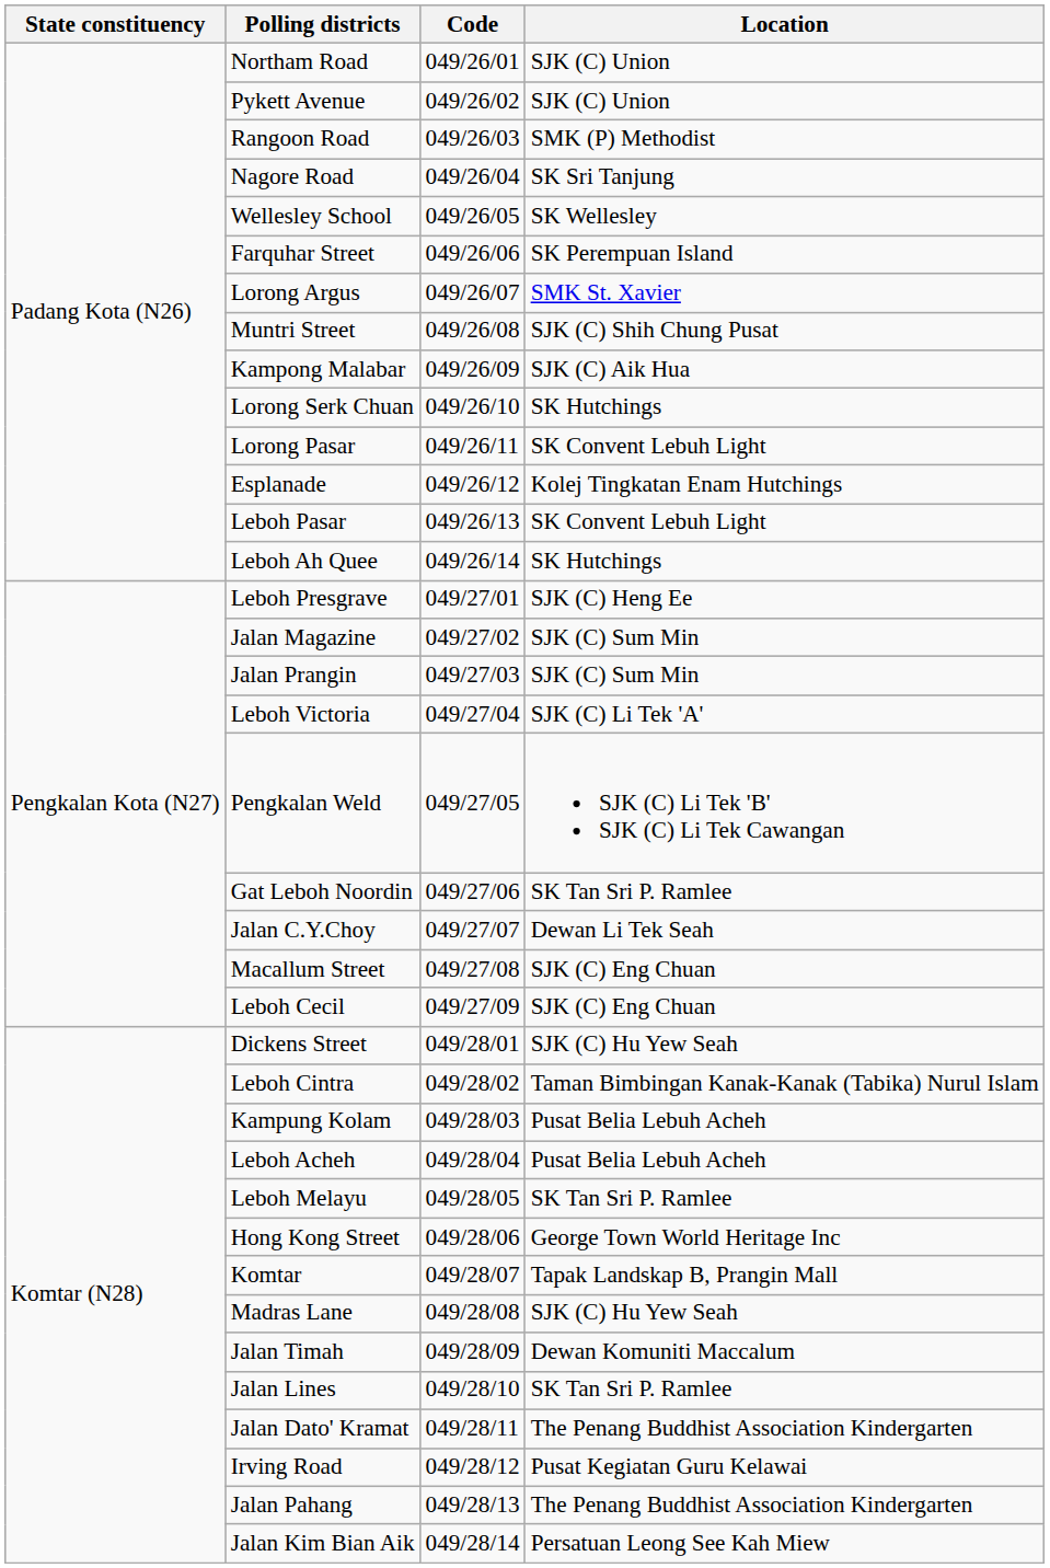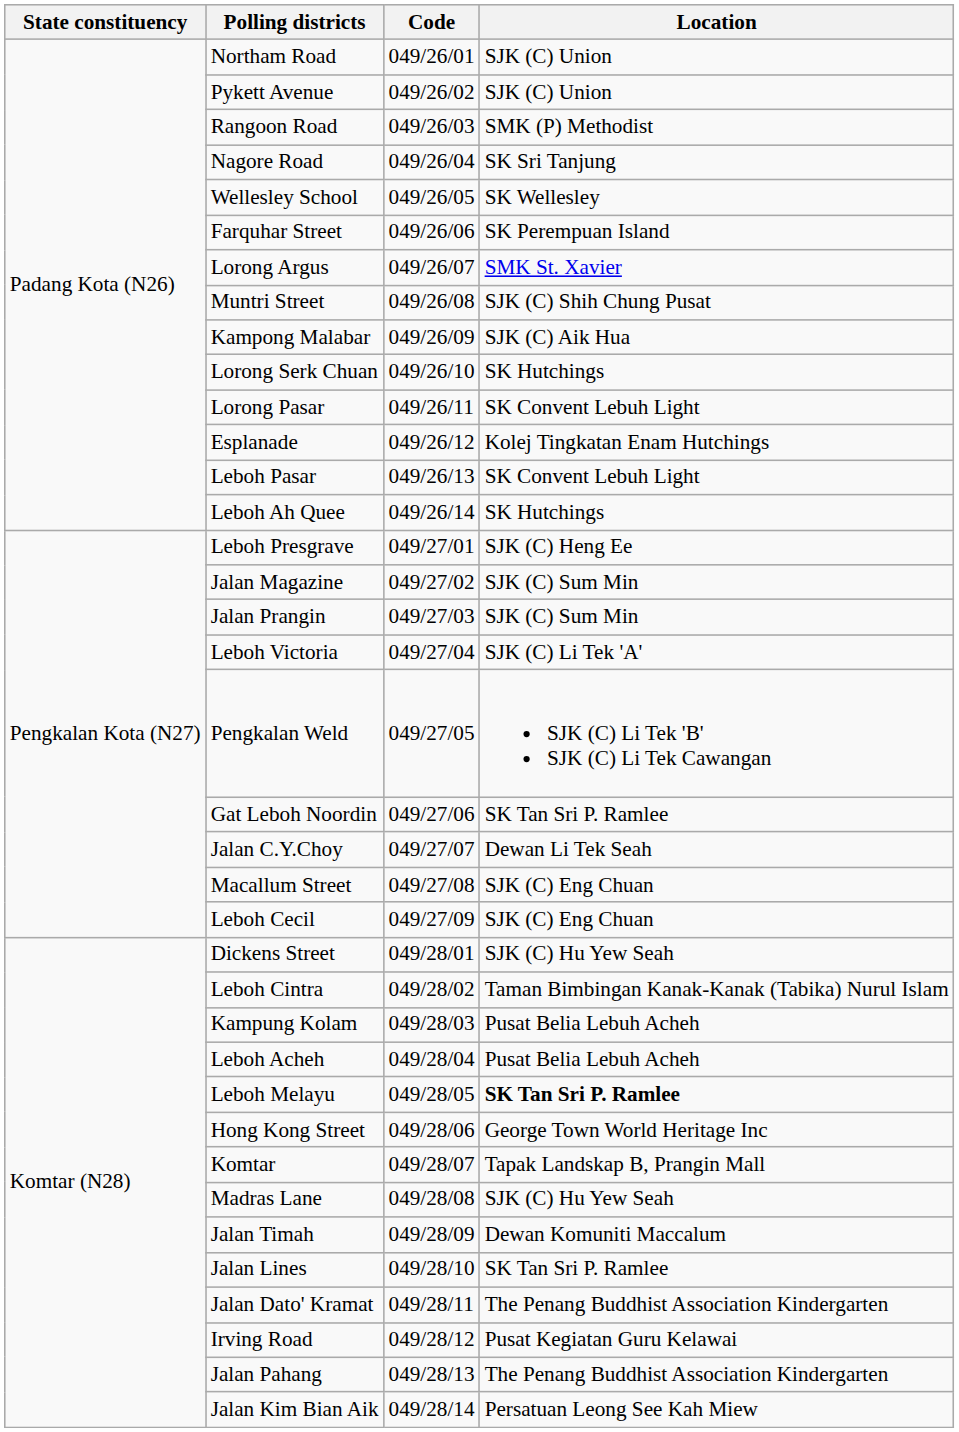 <table class="wikitable sortable mw-collapsible" style="white-space:nowrap;font-size:85%">
 <tr>
 <th>State constituency</th>
 <th>Polling districts</th>
 <th>Code</th>
 <th>Location</th>
 </tr>
 <tr>
 <td rowspan="14">Padang Kota (N26)</td>
 <td>Northam Road</td>
 <td>049/26/01</td>
 <td>SJK (C) Union</td>
 </tr>
 <tr>
 <td>Pykett Avenue</td>
 <td>049/26/02</td>
 <td>SJK (C) Union</td>
 </tr>
 <tr>
 <td>Rangoon Road</td>
 <td>049/26/03</td>
 <td>SMK (P) Methodist</td>
 </tr>
 <tr>
 <td>Nagore Road</td>
 <td>049/26/04</td>
 <td>SK Sri Tanjung</td>
 </tr>
 <tr>
 <td>Wellesley School</td>
 <td>049/26/05</td>
 <td>SK Wellesley</td>
 </tr>
 <tr>
 <td>Farquhar Street</td>
 <td>049/26/06</td>
 <td>SK Perempuan Island</td>
 </tr>
 <tr>
 <td>Lorong Argus</td>
 <td>049/26/07</td>
 <td><a href='#'>SMK St. Xavier</a></td>
 </tr>
 <tr>
 <td>Muntri Street</td>
 <td>049/26/08</td>
 <td>SJK (C) Shih Chung Pusat</td>
 </tr>
 <tr>
 <td>Kampong Malabar</td>
 <td>049/26/09</td>
 <td>SJK (C) Aik Hua</td>
 </tr>
 <tr>
 <td>Lorong Serk Chuan</td>
 <td>049/26/10</td>
 <td>SK Hutchings</td>
 </tr>
 <tr>
 <td>Lorong Pasar</td>
 <td>049/26/11</td>
 <td>SK Convent Lebuh Light</td>
 </tr>
 <tr>
 <td>Esplanade</td>
 <td>049/26/12</td>
 <td>Kolej Tingkatan Enam Hutchings</td>
 </tr>
 <tr>
 <td>Leboh Pasar</td>
 <td>049/26/13</td>
 <td>SK Convent Lebuh Light</td>
 </tr>
 <tr>
 <td>Leboh Ah Quee</td>
 <td>049/26/14</td>
 <td>SK Hutchings</td>
 </tr>
 <tr>
 <td rowspan="9">Pengkalan Kota (N27)</td>
 <td>Leboh Presgrave</td>
 <td>049/27/01</td>
 <td>SJK (C) Heng Ee</td>
 </tr>
 <tr>
 <td>Jalan Magazine</td>
 <td>049/27/02</td>
 <td>SJK (C) Sum Min</td>
 </tr>
 <tr>
 <td>Jalan Prangin</td>
 <td>049/27/03</td>
 <td>SJK (C) Sum Min</td>
 </tr>
 <tr>
 <td>Leboh Victoria</td>
 <td>049/27/04</td>
 <td>SJK (C) Li Tek 'A'</td>
 </tr>
 <tr>
 <td>Pengkalan Weld</td>
 <td>049/27/05</td>
 <td><br><ul><li>SJK (C) Li Tek 'B'</li><li>SJK (C) Li Tek Cawangan</li></ul></td>
 </tr>
 <tr>
 <td>Gat Leboh Noordin</td>
 <td>049/27/06</td>
 <td>SK Tan Sri P. Ramlee</td>
 </tr>
 <tr>
 <td>Jalan C.Y.Choy</td>
 <td>049/27/07</td>
 <td>Dewan Li Tek Seah</td>
 </tr>
 <tr>
 <td>Macallum Street</td>
 <td>049/27/08</td>
 <td>SJK (C) Eng Chuan</td>
 </tr>
 <tr>
 <td>Leboh Cecil</td>
 <td>049/27/09</td>
 <td>SJK (C) Eng Chuan</td>
 </tr>
 <tr>
 <td rowspan="14">Komtar (N28)</td>
 <td>Dickens Street</td>
 <td>049/28/01</td>
 <td>SJK (C) Hu Yew Seah</td>
 </tr>
 <tr>
 <td>Leboh Cintra</td>
 <td>049/28/02</td>
 <td>Taman Bimbingan Kanak-Kanak (Tabika) Nurul Islam</td>
 </tr>
 <tr>
 <td>Kampung Kolam</td>
 <td>049/28/03</td>
 <td>Pusat Belia Lebuh Acheh</td>
 </tr>
 <tr>
 <td>Leboh Acheh</td>
 <td>049/28/04</td>
 <td>Pusat Belia Lebuh Acheh</td>
 </tr>
 <tr>
 <td>Leboh Melayu</td>
 <td>049/28/05</td>
-<td>SK Tan Sri P. Ramlee</td>
+<td><strong>SK Tan Sri P. Ramlee</strong></td>
 </tr>
 <tr>
 <td>Hong Kong Street</td>
 <td>049/28/06</td>
 <td>George Town World Heritage Inc</td>
 </tr>
 <tr>
 <td>Komtar</td>
 <td>049/28/07</td>
 <td>Tapak Landskap B, Prangin Mall</td>
 </tr>
 <tr>
 <td>Madras Lane</td>
 <td>049/28/08</td>
 <td>SJK (C) Hu Yew Seah</td>
 </tr>
 <tr>
 <td>Jalan Timah</td>
 <td>049/28/09</td>
 <td>Dewan Komuniti Maccalum</td>
 </tr>
 <tr>
 <td>Jalan Lines</td>
 <td>049/28/10</td>
 <td>SK Tan Sri P. Ramlee</td>
 </tr>
 <tr>
 <td>Jalan Dato' Kramat</td>
 <td>049/28/11</td>
 <td>The Penang Buddhist Association Kindergarten</td>
 </tr>
 <tr>
 <td>Irving Road</td>
 <td>049/28/12</td>
 <td>Pusat Kegiatan Guru Kelawai</td>
 </tr>
 <tr>
 <td>Jalan Pahang</td>
 <td>049/28/13</td>
 <td>The Penang Buddhist Association Kindergarten</td>
 </tr>
 <tr>
 <td>Jalan Kim Bian Aik</td>
 <td>049/28/14</td>
 <td>Persatuan Leong See Kah Miew</td>
 </tr>
 </table>
